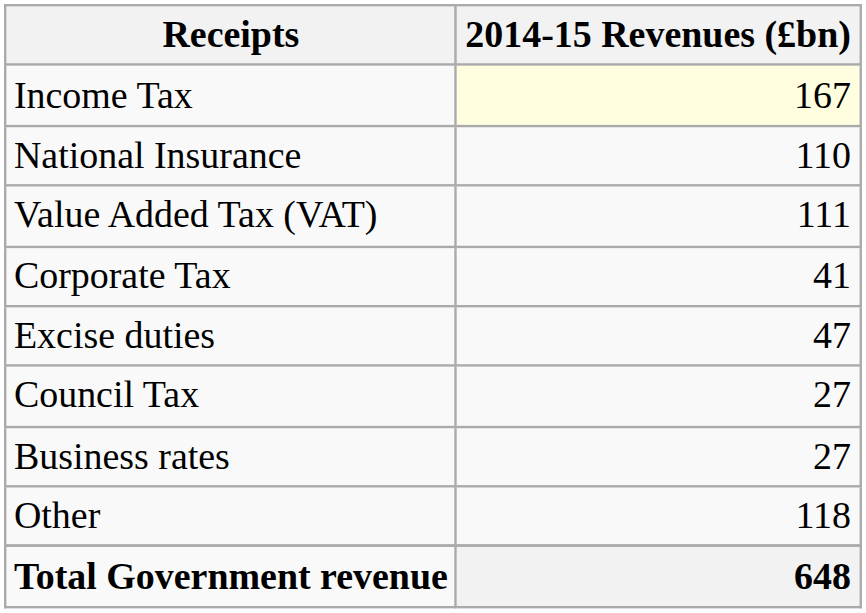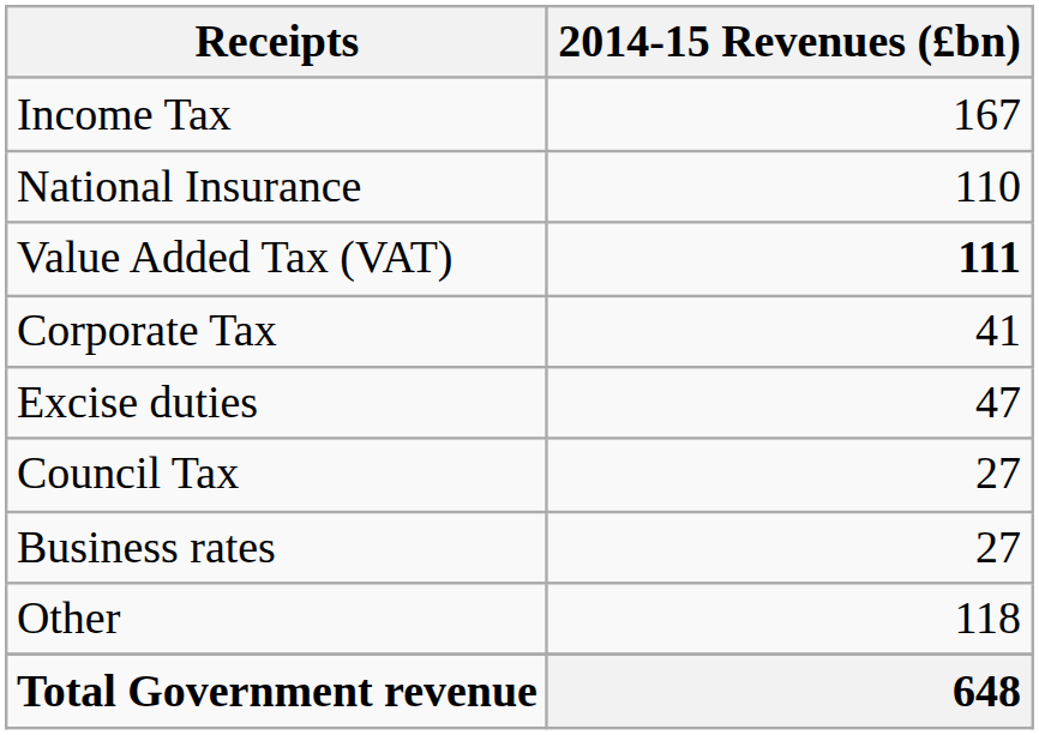 <table class="wikitable sortable">
 <tr>
 <th>Receipts</th>
 <th style="text-align: right">2014-15 Revenues (£bn)</th>
 </tr>
 <tr>
 <td>Income Tax</td>
-<td style="background: lightyellow; text-align: right">167</td>
+<td style="text-align: right">167</td>
 </tr>
 <tr>
 <td>National Insurance</td>
 <td style="text-align: right">110</td>
 </tr>
 <tr>
 <td>Value Added Tax (VAT)</td>
-<td style="text-align: right">111</td>
+<td style="text-align: right"><strong>111</strong></td>
 </tr>
 <tr>
 <td>Corporate Tax</td>
 <td style="text-align: right">41</td>
 </tr>
 <tr>
 <td>Excise duties</td>
 <td style="text-align: right">47</td>
 </tr>
 <tr>
 <td>Council Tax</td>
 <td style="text-align: right">27</td>
 </tr>
 <tr>
 <td>Business rates</td>
 <td style="text-align: right">27</td>
 </tr>
 <tr>
 <td>Other</td>
 <td style="text-align: right">118</td>
 </tr>
 <tr>
 </tr>
 <tr class="sortbottom">
 <td style="text-align: left"><strong>Total Government revenue</strong></td>
 <th style="text-align: right">648</th>
 </tr>
 </table>
